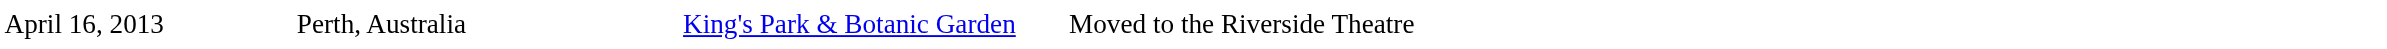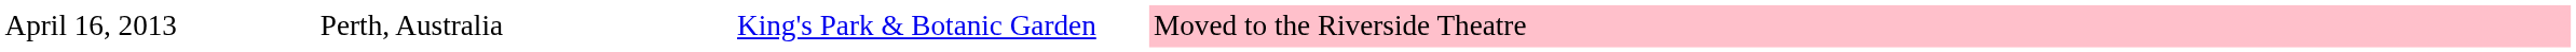 <table cellpadding="2" style="border:0 solid darkgrey; font-size:90%">
 <tr>
 <th style="width:150px;"></th>
 <th style="width:200px;"></th>
 <th style="width:200px;"></th>
 <th style="width:700px;"></th>
 </tr>
 <tr border="0">
 </tr>
 <tr>
 <td>April 16, 2013</td>
 <td>Perth, Australia</td>
 <td><a href='#'>King's Park & Botanic Garden</a></td>
-<td>Moved to the Riverside Theatre</td>
+<td style="background: pink;">Moved to the Riverside Theatre</td>
 </tr>
 <tr>
 </tr>
 </table>
